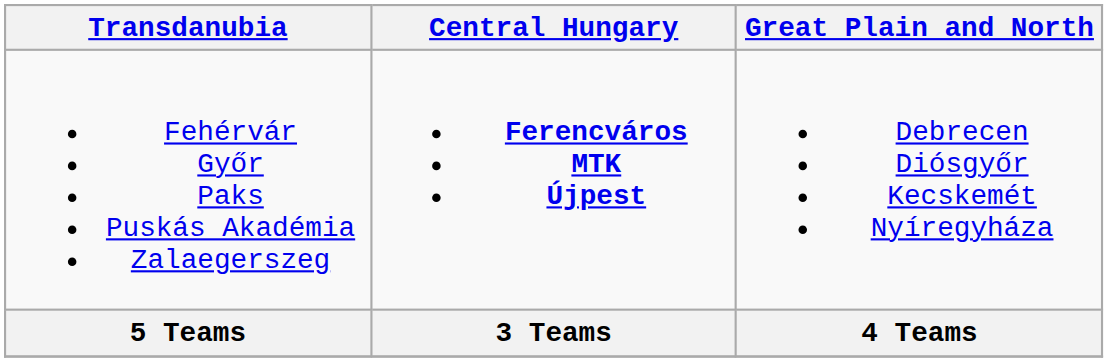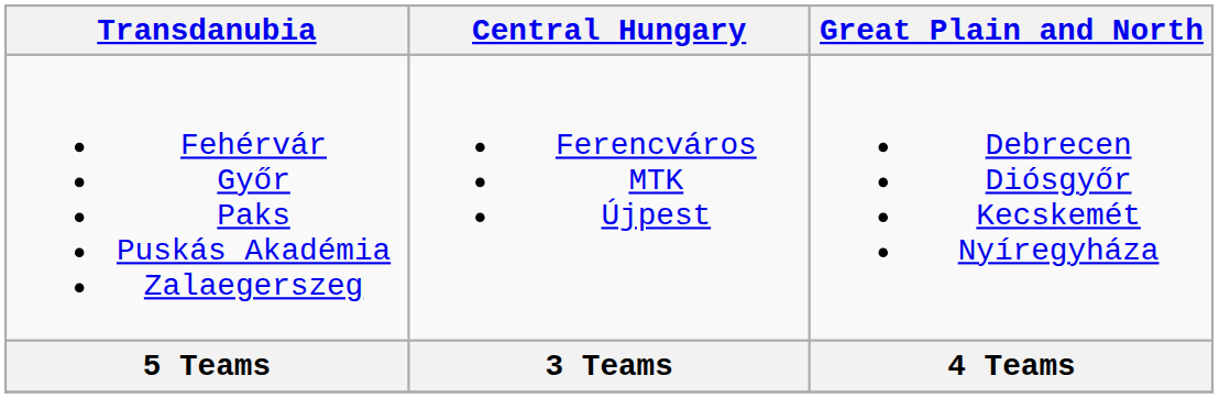 <table class="wikitable" style="clear:right;white-space:nowrap;">
 <tr>
 <th width="33%"><a href='#'>Transdanubia</a></th>
 <th width="33%"><a href='#'>Central Hungary</a></th>
 <th width="33%"><a href='#'>Great Plain and North</a></th>
 </tr>
 <tr align="center" valign="top">
 <td><br><ul><li><a href='#'>Fehérvár</a></li><li><a href='#'>Győr</a></li><li><a href='#'>Paks</a></li><li><a href='#'>Puskás Akadémia</a></li><li><a href='#'>Zalaegerszeg</a></li></ul></td>
-<td><strong><br><ul><li><a href='#'>Ferencváros</a></li><li><a href='#'>MTK</a></li><li><a href='#'>Újpest</a></li></ul></strong></td>
+<td><br><ul><li><a href='#'>Ferencváros</a></li><li><a href='#'>MTK</a></li><li><a href='#'>Újpest</a></li></ul></td>
 <td><br><ul><li><a href='#'>Debrecen</a></li><li><a href='#'>Diósgyőr</a></li><li><a href='#'>Kecskemét</a></li><li><a href='#'>Nyíregyháza</a></li></ul></td>
 </tr>
 <tr>
 <th>5 Teams</th>
 <th>3 Teams</th>
 <th>4 Teams</th>
 </tr>
 <tr>
 </tr>
 </table>
